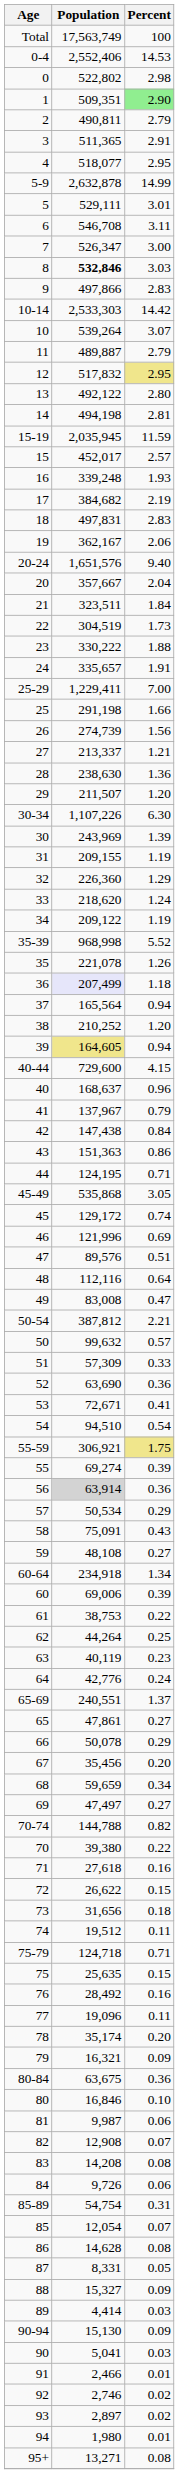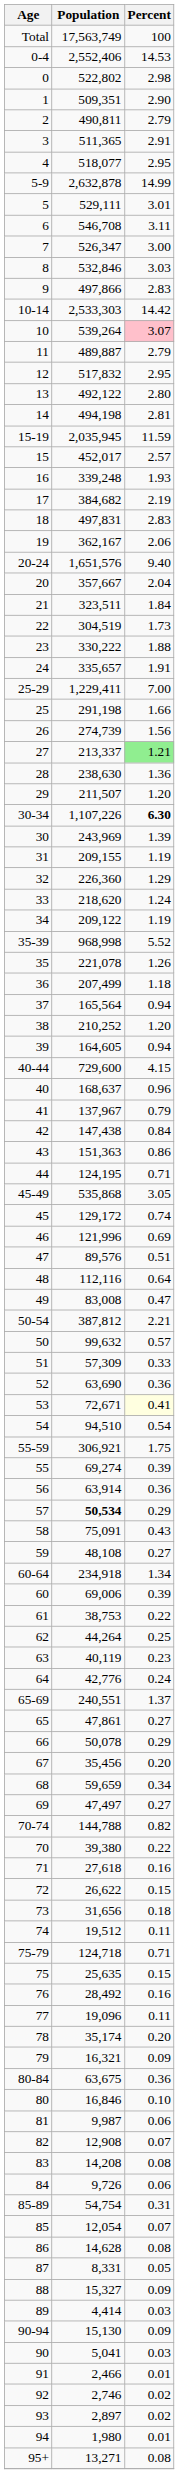 <table class="wikitable">
 <tr>
 <th width="50">Age</th>
 <th width="80">Population</th>
 <th width="50">Percent</th>
 </tr>
 <tr>
 <td align="right">Total</td>
 <td align="right">17,563,749</td>
 <td align="right">100</td>
 </tr>
 <tr>
 <td align="right">0-4</td>
 <td align="right">2,552,406</td>
 <td align="right">14.53</td>
 </tr>
 <tr>
 <td align="right">0</td>
 <td align="right">522,802</td>
 <td align="right">2.98</td>
 </tr>
 <tr>
 <td align="right">1</td>
 <td align="right">509,351</td>
-<td align="right" style="background: lightgreen;">2.90</td>
+<td align="right">2.90</td>
 </tr>
 <tr>
 <td align="right">2</td>
 <td align="right">490,811</td>
 <td align="right">2.79</td>
 </tr>
 <tr>
 <td align="right">3</td>
 <td align="right">511,365</td>
 <td align="right">2.91</td>
 </tr>
 <tr>
 <td align="right">4</td>
 <td align="right">518,077</td>
 <td align="right">2.95</td>
 </tr>
 <tr>
 <td align="right">5-9</td>
 <td align="right">2,632,878</td>
 <td align="right">14.99</td>
 </tr>
 <tr>
 <td align="right">5</td>
 <td align="right">529,111</td>
 <td align="right">3.01</td>
 </tr>
 <tr>
 <td align="right">6</td>
 <td align="right">546,708</td>
 <td align="right">3.11</td>
 </tr>
 <tr>
 <td align="right">7</td>
 <td align="right">526,347</td>
 <td align="right">3.00</td>
 </tr>
 <tr>
 <td align="right">8</td>
-<td align="right"><strong>532,846</strong></td>
+<td align="right">532,846</td>
 <td align="right">3.03</td>
 </tr>
 <tr>
 <td align="right">9</td>
 <td align="right">497,866</td>
 <td align="right">2.83</td>
 </tr>
 <tr>
 <td align="right">10-14</td>
 <td align="right">2,533,303</td>
 <td align="right">14.42</td>
 </tr>
 <tr>
 <td align="right">10</td>
 <td align="right">539,264</td>
-<td align="right">3.07</td>
+<td align="right" style="background: pink;">3.07</td>
 </tr>
 <tr>
 <td align="right">11</td>
 <td align="right">489,887</td>
 <td align="right">2.79</td>
 </tr>
 <tr>
 <td align="right">12</td>
 <td align="right">517,832</td>
-<td align="right" style="background: khaki;">2.95</td>
+<td align="right">2.95</td>
 </tr>
 <tr>
 <td align="right">13</td>
 <td align="right">492,122</td>
 <td align="right">2.80</td>
 </tr>
 <tr>
 <td align="right">14</td>
 <td align="right">494,198</td>
 <td align="right">2.81</td>
 </tr>
 <tr>
 <td align="right">15-19</td>
 <td align="right">2,035,945</td>
 <td align="right">11.59</td>
 </tr>
 <tr>
 <td align="right">15</td>
 <td align="right">452,017</td>
 <td align="right">2.57</td>
 </tr>
 <tr>
 <td align="right">16</td>
 <td align="right">339,248</td>
 <td align="right">1.93</td>
 </tr>
 <tr>
 <td align="right">17</td>
 <td align="right">384,682</td>
 <td align="right">2.19</td>
 </tr>
 <tr>
 <td align="right">18</td>
 <td align="right">497,831</td>
 <td align="right">2.83</td>
 </tr>
 <tr>
 <td align="right">19</td>
 <td align="right">362,167</td>
 <td align="right">2.06</td>
 </tr>
 <tr>
 <td align="right">20-24</td>
 <td align="right">1,651,576</td>
 <td align="right">9.40</td>
 </tr>
 <tr>
 <td align="right">20</td>
 <td align="right">357,667</td>
 <td align="right">2.04</td>
 </tr>
 <tr>
 <td align="right">21</td>
 <td align="right">323,511</td>
 <td align="right">1.84</td>
 </tr>
 <tr>
 <td align="right">22</td>
 <td align="right">304,519</td>
 <td align="right">1.73</td>
 </tr>
 <tr>
 <td align="right">23</td>
 <td align="right">330,222</td>
 <td align="right">1.88</td>
 </tr>
 <tr>
 <td align="right">24</td>
 <td align="right">335,657</td>
 <td align="right">1.91</td>
 </tr>
 <tr>
 <td align="right">25-29</td>
 <td align="right">1,229,411</td>
 <td align="right">7.00</td>
 </tr>
 <tr>
 <td align="right">25</td>
 <td align="right">291,198</td>
 <td align="right">1.66</td>
 </tr>
 <tr>
 <td align="right">26</td>
 <td align="right">274,739</td>
 <td align="right">1.56</td>
 </tr>
 <tr>
 <td align="right">27</td>
 <td align="right">213,337</td>
-<td align="right">1.21</td>
+<td align="right" style="background: lightgreen;">1.21</td>
 </tr>
 <tr>
 <td align="right">28</td>
 <td align="right">238,630</td>
 <td align="right">1.36</td>
 </tr>
 <tr>
 <td align="right">29</td>
 <td align="right">211,507</td>
 <td align="right">1.20</td>
 </tr>
 <tr>
 <td align="right">30-34</td>
 <td align="right">1,107,226</td>
-<td align="right">6.30</td>
+<td align="right"><strong>6.30</strong></td>
 </tr>
 <tr>
 <td align="right">30</td>
 <td align="right">243,969</td>
 <td align="right">1.39</td>
 </tr>
 <tr>
 <td align="right">31</td>
 <td align="right">209,155</td>
 <td align="right">1.19</td>
 </tr>
 <tr>
 <td align="right">32</td>
 <td align="right">226,360</td>
 <td align="right">1.29</td>
 </tr>
 <tr>
 <td align="right">33</td>
 <td align="right">218,620</td>
 <td align="right">1.24</td>
 </tr>
 <tr>
 <td align="right">34</td>
 <td align="right">209,122</td>
 <td align="right">1.19</td>
 </tr>
 <tr>
 <td align="right">35-39</td>
 <td align="right">968,998</td>
 <td align="right">5.52</td>
 </tr>
 <tr>
 <td align="right">35</td>
 <td align="right">221,078</td>
 <td align="right">1.26</td>
 </tr>
 <tr>
 <td align="right">36</td>
-<td align="right" style="background: lavender;">207,499</td>
+<td align="right">207,499</td>
 <td align="right">1.18</td>
 </tr>
 <tr>
 <td align="right">37</td>
 <td align="right">165,564</td>
 <td align="right">0.94</td>
 </tr>
 <tr>
 <td align="right">38</td>
 <td align="right">210,252</td>
 <td align="right">1.20</td>
 </tr>
 <tr>
 <td align="right">39</td>
-<td align="right" style="background: khaki;">164,605</td>
+<td align="right">164,605</td>
 <td align="right">0.94</td>
 </tr>
 <tr>
 <td align="right">40-44</td>
 <td align="right">729,600</td>
 <td align="right">4.15</td>
 </tr>
 <tr>
 <td align="right">40</td>
 <td align="right">168,637</td>
 <td align="right">0.96</td>
 </tr>
 <tr>
 <td align="right">41</td>
 <td align="right">137,967</td>
 <td align="right">0.79</td>
 </tr>
 <tr>
 <td align="right">42</td>
 <td align="right">147,438</td>
 <td align="right">0.84</td>
 </tr>
 <tr>
 <td align="right">43</td>
 <td align="right">151,363</td>
 <td align="right">0.86</td>
 </tr>
 <tr>
 <td align="right">44</td>
 <td align="right">124,195</td>
 <td align="right">0.71</td>
 </tr>
 <tr>
 <td align="right">45-49</td>
 <td align="right">535,868</td>
 <td align="right">3.05</td>
 </tr>
 <tr>
 <td align="right">45</td>
 <td align="right">129,172</td>
 <td align="right">0.74</td>
 </tr>
 <tr>
 <td align="right">46</td>
 <td align="right">121,996</td>
 <td align="right">0.69</td>
 </tr>
 <tr>
 <td align="right">47</td>
 <td align="right">89,576</td>
 <td align="right">0.51</td>
 </tr>
 <tr>
 <td align="right">48</td>
 <td align="right">112,116</td>
 <td align="right">0.64</td>
 </tr>
 <tr>
 <td align="right">49</td>
 <td align="right">83,008</td>
 <td align="right">0.47</td>
 </tr>
 <tr>
 <td align="right">50-54</td>
 <td align="right">387,812</td>
 <td align="right">2.21</td>
 </tr>
 <tr>
 <td align="right">50</td>
 <td align="right">99,632</td>
 <td align="right">0.57</td>
 </tr>
 <tr>
 <td align="right">51</td>
 <td align="right">57,309</td>
 <td align="right">0.33</td>
 </tr>
 <tr>
 <td align="right">52</td>
 <td align="right">63,690</td>
 <td align="right">0.36</td>
 </tr>
 <tr>
 <td align="right">53</td>
 <td align="right">72,671</td>
-<td align="right">0.41</td>
+<td align="right" style="background: lightyellow;">0.41</td>
 </tr>
 <tr>
 <td align="right">54</td>
 <td align="right">94,510</td>
 <td align="right">0.54</td>
 </tr>
 <tr>
 <td align="right">55-59</td>
 <td align="right">306,921</td>
-<td align="right" style="background: khaki;">1.75</td>
+<td align="right">1.75</td>
 </tr>
 <tr>
 <td align="right">55</td>
 <td align="right">69,274</td>
 <td align="right">0.39</td>
 </tr>
 <tr>
 <td align="right">56</td>
-<td align="right" style="background: lightgrey;">63,914</td>
+<td align="right">63,914</td>
 <td align="right">0.36</td>
 </tr>
 <tr>
 <td align="right">57</td>
-<td align="right">50,534</td>
+<td align="right"><strong>50,534</strong></td>
 <td align="right">0.29</td>
 </tr>
 <tr>
 <td align="right">58</td>
 <td align="right">75,091</td>
 <td align="right">0.43</td>
 </tr>
 <tr>
 <td align="right">59</td>
 <td align="right">48,108</td>
 <td align="right">0.27</td>
 </tr>
 <tr>
 <td align="right">60-64</td>
 <td align="right">234,918</td>
 <td align="right">1.34</td>
 </tr>
 <tr>
 <td align="right">60</td>
 <td align="right">69,006</td>
 <td align="right">0.39</td>
 </tr>
 <tr>
 <td align="right">61</td>
 <td align="right">38,753</td>
 <td align="right">0.22</td>
 </tr>
 <tr>
 <td align="right">62</td>
 <td align="right">44,264</td>
 <td align="right">0.25</td>
 </tr>
 <tr>
 <td align="right">63</td>
 <td align="right">40,119</td>
 <td align="right">0.23</td>
 </tr>
 <tr>
 <td align="right">64</td>
 <td align="right">42,776</td>
 <td align="right">0.24</td>
 </tr>
 <tr>
 <td align="right">65-69</td>
 <td align="right">240,551</td>
 <td align="right">1.37</td>
 </tr>
 <tr>
 <td align="right">65</td>
 <td align="right">47,861</td>
 <td align="right">0.27</td>
 </tr>
 <tr>
 <td align="right">66</td>
 <td align="right">50,078</td>
 <td align="right">0.29</td>
 </tr>
 <tr>
 <td align="right">67</td>
 <td align="right">35,456</td>
 <td align="right">0.20</td>
 </tr>
 <tr>
 <td align="right">68</td>
 <td align="right">59,659</td>
 <td align="right">0.34</td>
 </tr>
 <tr>
 <td align="right">69</td>
 <td align="right">47,497</td>
 <td align="right">0.27</td>
 </tr>
 <tr>
 <td align="right">70-74</td>
 <td align="right">144,788</td>
 <td align="right">0.82</td>
 </tr>
 <tr>
 <td align="right">70</td>
 <td align="right">39,380</td>
 <td align="right">0.22</td>
 </tr>
 <tr>
 <td align="right">71</td>
 <td align="right">27,618</td>
 <td align="right">0.16</td>
 </tr>
 <tr>
 <td align="right">72</td>
 <td align="right">26,622</td>
 <td align="right">0.15</td>
 </tr>
 <tr>
 <td align="right">73</td>
 <td align="right">31,656</td>
 <td align="right">0.18</td>
 </tr>
 <tr>
 <td align="right">74</td>
 <td align="right">19,512</td>
 <td align="right">0.11</td>
 </tr>
 <tr>
 <td align="right">75-79</td>
 <td align="right">124,718</td>
 <td align="right">0.71</td>
 </tr>
 <tr>
 <td align="right">75</td>
 <td align="right">25,635</td>
 <td align="right">0.15</td>
 </tr>
 <tr>
 <td align="right">76</td>
 <td align="right">28,492</td>
 <td align="right">0.16</td>
 </tr>
 <tr>
 <td align="right">77</td>
 <td align="right">19,096</td>
 <td align="right">0.11</td>
 </tr>
 <tr>
 <td align="right">78</td>
 <td align="right">35,174</td>
 <td align="right">0.20</td>
 </tr>
 <tr>
 <td align="right">79</td>
 <td align="right">16,321</td>
 <td align="right">0.09</td>
 </tr>
 <tr>
 <td align="right">80-84</td>
 <td align="right">63,675</td>
 <td align="right">0.36</td>
 </tr>
 <tr>
 <td align="right">80</td>
 <td align="right">16,846</td>
 <td align="right">0.10</td>
 </tr>
 <tr>
 <td align="right">81</td>
 <td align="right">9,987</td>
 <td align="right">0.06</td>
 </tr>
 <tr>
 <td align="right">82</td>
 <td align="right">12,908</td>
 <td align="right">0.07</td>
 </tr>
 <tr>
 <td align="right">83</td>
 <td align="right">14,208</td>
 <td align="right">0.08</td>
 </tr>
 <tr>
 <td align="right">84</td>
 <td align="right">9,726</td>
 <td align="right">0.06</td>
 </tr>
 <tr>
 <td align="right">85-89</td>
 <td align="right">54,754</td>
 <td align="right">0.31</td>
 </tr>
 <tr>
 <td align="right">85</td>
 <td align="right">12,054</td>
 <td align="right">0.07</td>
 </tr>
 <tr>
 <td align="right">86</td>
 <td align="right">14,628</td>
 <td align="right">0.08</td>
 </tr>
 <tr>
 <td align="right">87</td>
 <td align="right">8,331</td>
 <td align="right">0.05</td>
 </tr>
 <tr>
 <td align="right">88</td>
 <td align="right">15,327</td>
 <td align="right">0.09</td>
 </tr>
 <tr>
 <td align="right">89</td>
 <td align="right">4,414</td>
 <td align="right">0.03</td>
 </tr>
 <tr>
 <td align="right">90-94</td>
 <td align="right">15,130</td>
 <td align="right">0.09</td>
 </tr>
 <tr>
 <td align="right">90</td>
 <td align="right">5,041</td>
 <td align="right">0.03</td>
 </tr>
 <tr>
 <td align="right">91</td>
 <td align="right">2,466</td>
 <td align="right">0.01</td>
 </tr>
 <tr>
 <td align="right">92</td>
 <td align="right">2,746</td>
 <td align="right">0.02</td>
 </tr>
 <tr>
 <td align="right">93</td>
 <td align="right">2,897</td>
 <td align="right">0.02</td>
 </tr>
 <tr>
 <td align="right">94</td>
 <td align="right">1,980</td>
 <td align="right">0.01</td>
 </tr>
 <tr>
 <td align="right">95+</td>
 <td align="right">13,271</td>
 <td align="right">0.08</td>
 </tr>
 <tr>
 </tr>
 </table>
